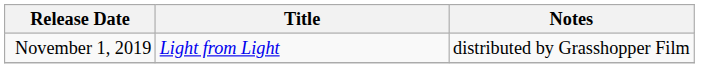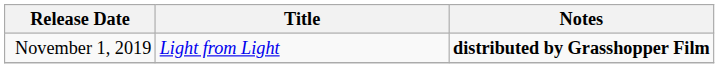 <table class="wikitable sortable">
 <tr>
 <th style="width:125px;">Release Date</th>
 <th style="width:250px;">Title</th>
 <th>Notes</th>
 </tr>
 <tr>
 <td style="text-align:right;">November 1, 2019</td>
 <td><em><a href='#'>Light from Light</a></em></td>
-<td>distributed by Grasshopper Film</td>
+<td><strong>distributed by Grasshopper Film</strong></td>
 </tr>
 <tr>
 </tr>
 </table>
